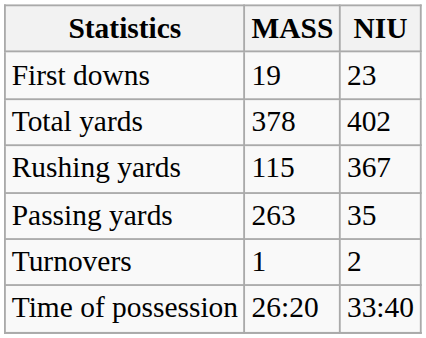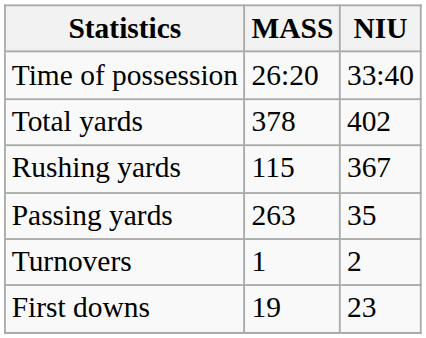 <table class="wikitable" style="float: left;">
 <tr>
 <th>Statistics</th>
 <th>MASS</th>
 <th>NIU</th>
 </tr>
 <tr>
-<td>First downs</td>
-<td>19</td>
-<td>23</td>
+<td>Time of possession</td>
+<td>26:20</td>
+<td>33:40</td>
 </tr>
 <tr>
 <td>Total yards</td>
 <td>378</td>
 <td>402</td>
 </tr>
 <tr>
 <td>Rushing yards</td>
 <td>115</td>
 <td>367</td>
 </tr>
 <tr>
 <td>Passing yards</td>
 <td>263</td>
 <td>35</td>
 </tr>
 <tr>
 <td>Turnovers</td>
 <td>1</td>
 <td>2</td>
 </tr>
 <tr>
-<td>Time of possession</td>
-<td>26:20</td>
-<td>33:40</td>
+<td>First downs</td>
+<td>19</td>
+<td>23</td>
 </tr>
 <tr>
 </tr>
 </table>
